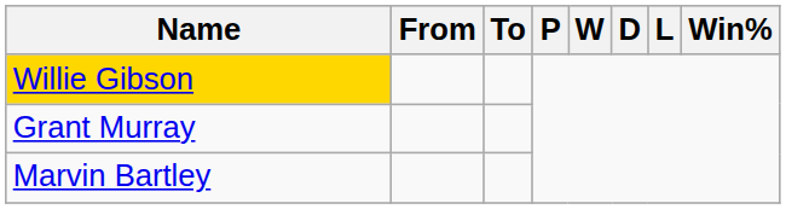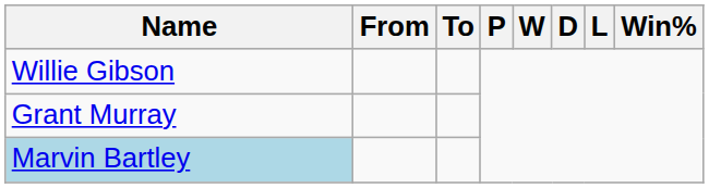 <table class="wikitable sortable" style="text-align: center">
 <tr>
 <th style="width:12em">Name</th>
 <th>From</th>
 <th>To</th>
 <th>P</th>
 <th>W</th>
 <th>D</th>
 <th>L</th>
 <th>Win%</th>
 </tr>
 <tr>
-<td align=left style="background: gold;"><a href='#'>Willie Gibson</a></td>
+<td align=left><a href='#'>Willie Gibson</a></td>
 <td></td>
 <td><br></td>
 </tr>
 <tr>
 <td align=left><a href='#'>Grant Murray</a></td>
 <td></td>
 <td><br></td>
 </tr>
 <tr>
-<td align=left><a href='#'>Marvin Bartley</a></td>
+<td align=left style="background: lightblue;"><a href='#'>Marvin Bartley</a></td>
 <td></td>
 <td><br></td>
 </tr>
 </table>
